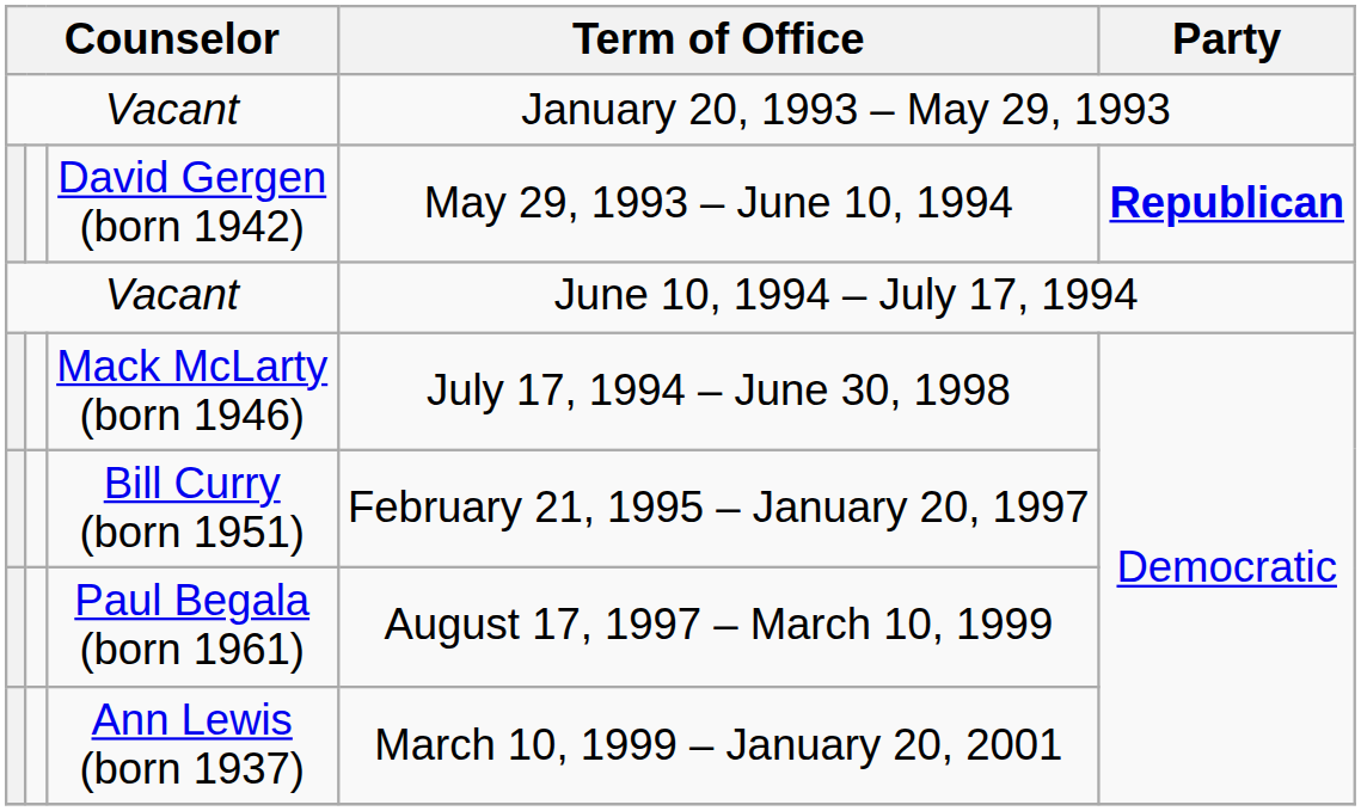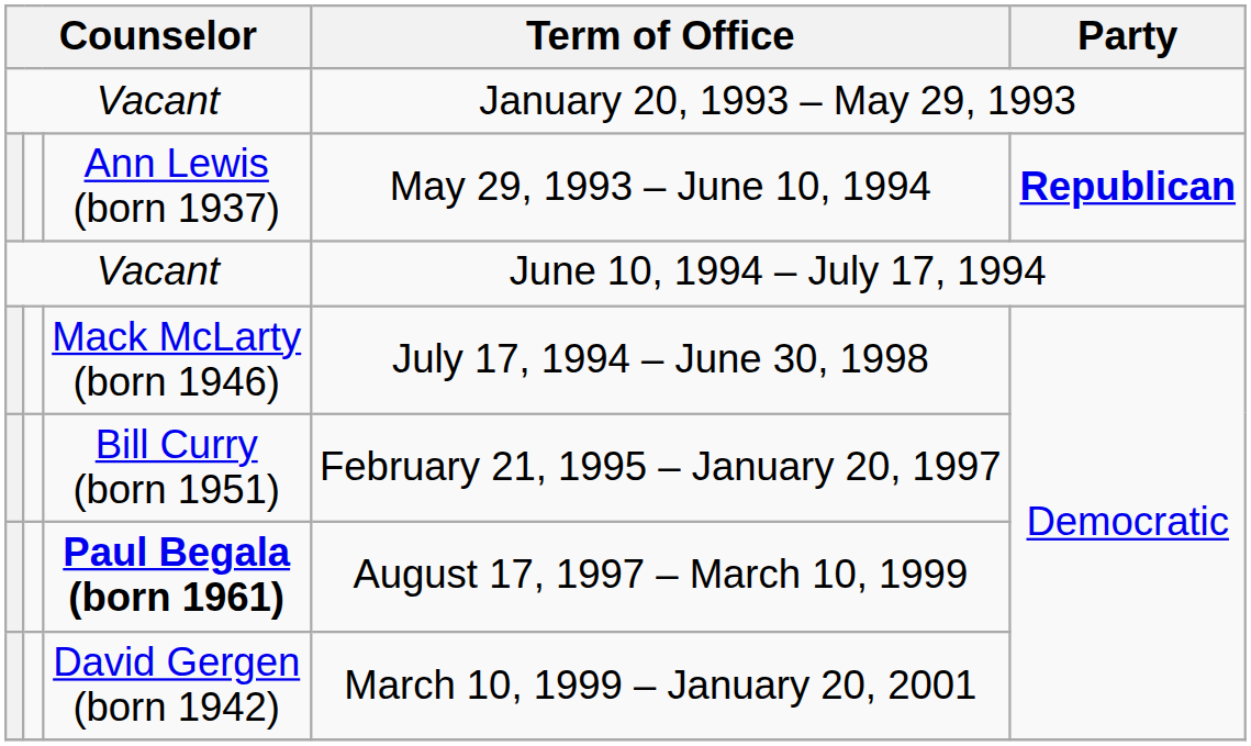 <table class="wikitable sortable" style="text-align:center">
 <tr>
 <th colspan="3">Counselor</th>
 <th>Term of Office<br></th>
 <th>Party</th>
 </tr>
 <tr>
 <td colspan=3><em>Vacant</em></td>
 <td colspan=2>January 20, 1993 – May 29, 1993</td>
 </tr>
 <tr>
 <th style="background:"></th>
 <td></td>
-<td><a href='#'>David Gergen</a><br>(born 1942)</td>
+<td><a href='#'>Ann Lewis</a><br>(born 1937)</td>
 <td>May 29, 1993 – June 10, 1994<br></td>
 <td><strong><a href='#'>Republican</a></strong></td>
 </tr>
 <tr>
 <td colspan=3><em>Vacant</em></td>
 <td colspan=2>June 10, 1994 – July 17, 1994</td>
 </tr>
 <tr>
 <th style="background:"></th>
 <td></td>
 <td><a href='#'>Mack McLarty</a><br>(born 1946)</td>
 <td>July 17, 1994 – June 30, 1998<br></td>
 <td rowspan="4"><a href='#'>Democratic</a></td>
 </tr>
 <tr>
 <th style="background:"></th>
 <td></td>
 <td><a href='#'>Bill Curry</a><br>(born 1951)</td>
 <td>February 21, 1995 – January 20, 1997<br></td>
 </tr>
 <tr>
 <th style="background:"></th>
 <td></td>
-<td><a href='#'>Paul Begala</a><br>(born 1961)</td>
+<td><strong><a href='#'>Paul Begala</a><br>(born 1961)</strong></td>
 <td>August 17, 1997 – March 10, 1999<br></td>
 </tr>
 <tr>
 <th style="background:"></th>
 <td></td>
-<td><a href='#'>Ann Lewis</a><br>(born 1937)</td>
+<td><a href='#'>David Gergen</a><br>(born 1942)</td>
 <td>March 10, 1999 – January 20, 2001<br></td>
 </tr>
 <tr>
 </tr>
 </table>
